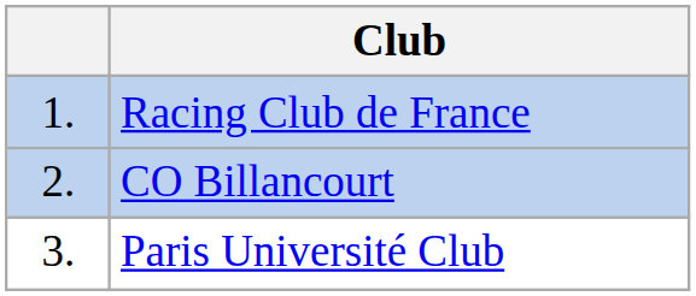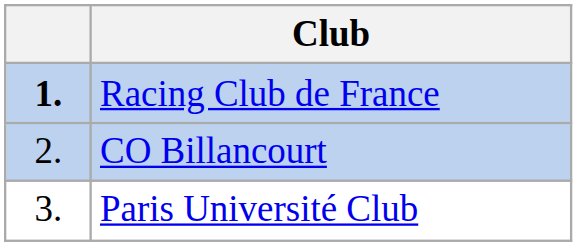 <table class="wikitable">
 <tr>
 <th width="30"></th>
 <th width="200">Club</th>
 </tr>
 <tr bgcolor="#BCD2EE" align="center">
-<td>1.</td>
+<td><strong>1.</strong></td>
 <td align="left"><a href='#'>Racing Club de France</a></td>
 </tr>
 <tr bgcolor="#BCD2EE" align="center">
 <td>2.</td>
 <td align="left"><a href='#'>CO Billancourt</a></td>
 </tr>
 <tr bgcolor="#FFFFFF" align="center">
 <td>3.</td>
 <td align="left"><a href='#'>Paris Université Club</a></td>
 </tr>
 </table>
